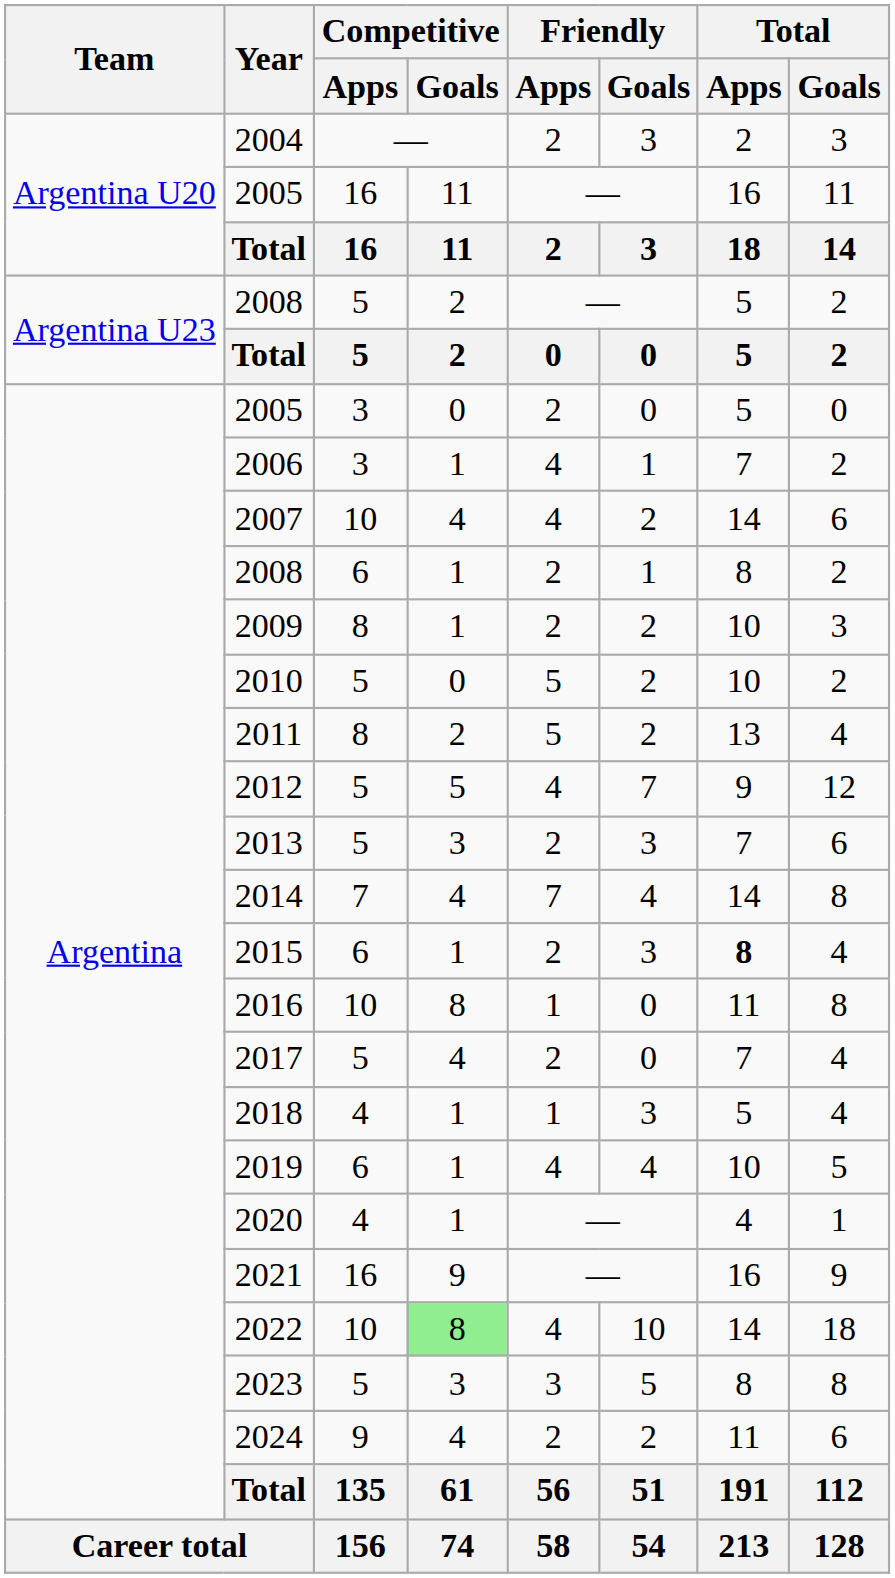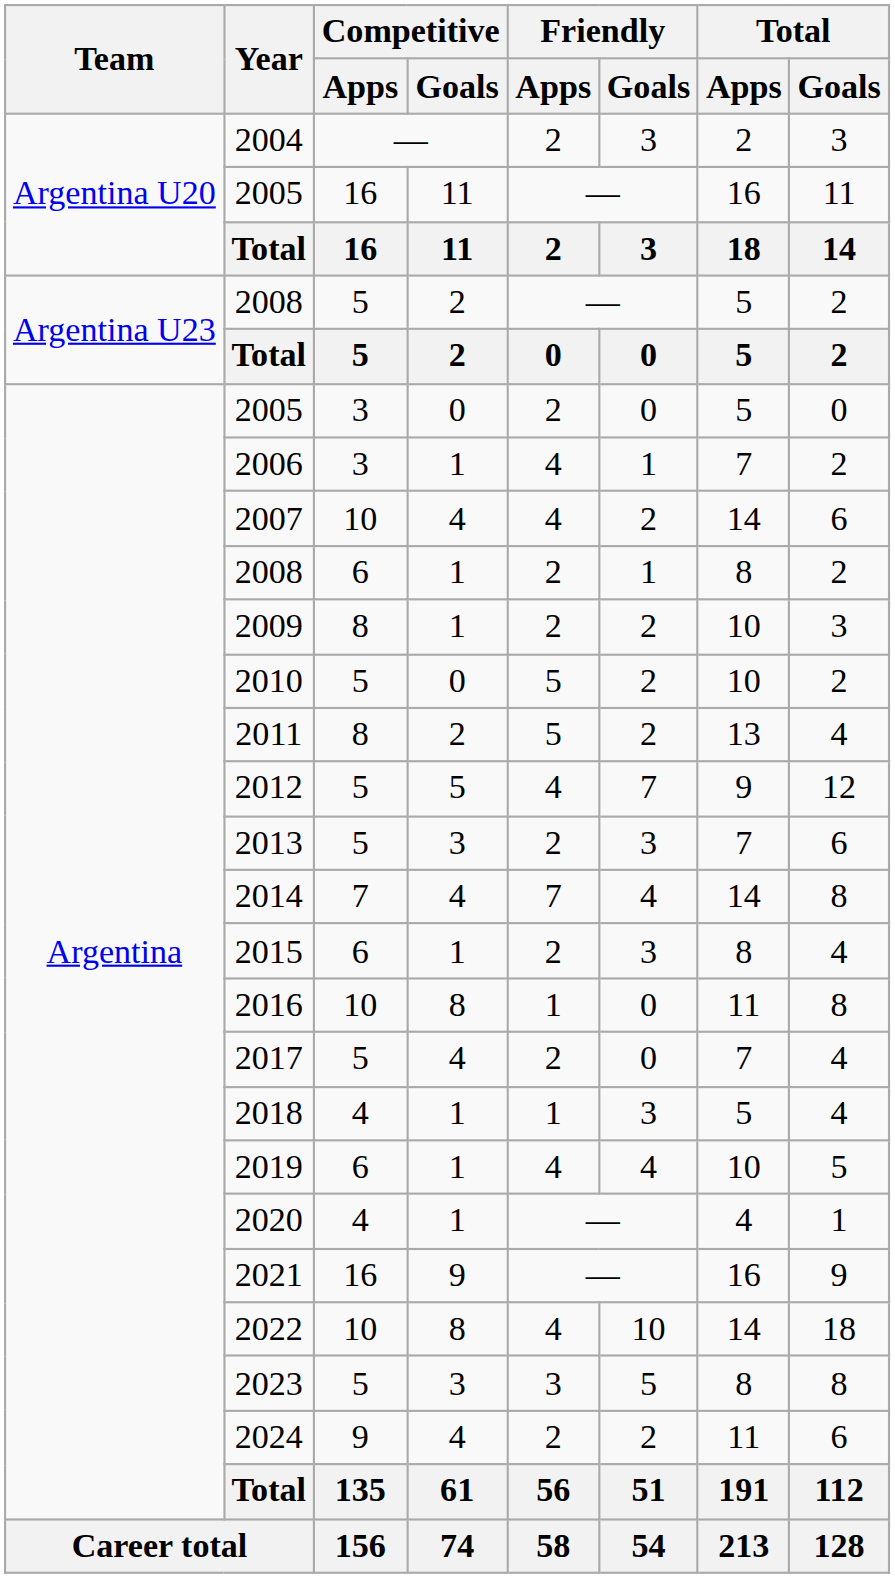 <table class="wikitable" style="text-align: center;">
 <tr>
 <th rowspan="2">Team</th>
 <th rowspan="2">Year</th>
 <th colspan="2">Competitive</th>
 <th colspan="2">Friendly</th>
 <th colspan="2">Total</th>
 </tr>
 <tr>
 <th>Apps</th>
 <th>Goals</th>
 <th>Apps</th>
 <th>Goals</th>
 <th>Apps</th>
 <th>Goals</th>
 </tr>
 <tr>
 <td rowspan=3><a href='#'>Argentina U20</a></td>
 <td>2004</td>
 <td colspan=2>—</td>
 <td>2</td>
 <td>3</td>
 <td>2</td>
 <td>3</td>
 </tr>
 <tr>
 <td>2005</td>
 <td>16</td>
 <td>11</td>
 <td colspan=2>—</td>
 <td>16</td>
 <td>11</td>
 </tr>
 <tr>
 <th>Total</th>
 <th>16</th>
 <th>11</th>
 <th>2</th>
 <th>3</th>
 <th>18</th>
 <th>14</th>
 </tr>
 <tr>
 <td rowspan=2><a href='#'>Argentina U23</a></td>
 <td>2008</td>
 <td>5</td>
 <td>2</td>
 <td colspan=2>—</td>
 <td>5</td>
 <td>2</td>
 </tr>
 <tr>
 <th>Total</th>
 <th>5</th>
 <th>2</th>
 <th>0</th>
 <th>0</th>
 <th>5</th>
 <th>2</th>
 </tr>
 <tr>
 <td rowspan=21><a href='#'>Argentina</a></td>
 <td scope=row>2005</td>
 <td>3</td>
 <td>0</td>
 <td>2</td>
 <td>0</td>
 <td>5</td>
 <td>0</td>
 </tr>
 <tr>
 <td scope=row>2006</td>
 <td>3</td>
 <td>1</td>
 <td>4</td>
 <td>1</td>
 <td>7</td>
 <td>2</td>
 </tr>
 <tr>
 <td scope=row>2007</td>
 <td>10</td>
 <td>4</td>
 <td>4</td>
 <td>2</td>
 <td>14</td>
 <td>6</td>
 </tr>
 <tr>
 <td scope=row>2008</td>
 <td>6</td>
 <td>1</td>
 <td>2</td>
 <td>1</td>
 <td>8</td>
 <td>2</td>
 </tr>
 <tr>
 <td scope=row>2009</td>
 <td>8</td>
 <td>1</td>
 <td>2</td>
 <td>2</td>
 <td>10</td>
 <td>3</td>
 </tr>
 <tr>
 <td scope=row>2010</td>
 <td>5</td>
 <td>0</td>
 <td>5</td>
 <td>2</td>
 <td>10</td>
 <td>2</td>
 </tr>
 <tr>
 <td scope=row>2011</td>
 <td>8</td>
 <td>2</td>
 <td>5</td>
 <td>2</td>
 <td>13</td>
 <td>4</td>
 </tr>
 <tr>
 <td scope=row>2012</td>
 <td>5</td>
 <td>5</td>
 <td>4</td>
 <td>7</td>
 <td>9</td>
 <td>12</td>
 </tr>
 <tr>
 <td scope=row>2013</td>
 <td>5</td>
 <td>3</td>
 <td>2</td>
 <td>3</td>
 <td>7</td>
 <td>6</td>
 </tr>
 <tr>
 <td scope=row>2014</td>
 <td>7</td>
 <td>4</td>
 <td>7</td>
 <td>4</td>
 <td>14</td>
 <td>8</td>
 </tr>
 <tr>
 <td scope=row>2015</td>
 <td>6</td>
 <td>1</td>
 <td>2</td>
 <td>3</td>
-<td><strong>8</strong></td>
+<td>8</td>
 <td>4</td>
 </tr>
 <tr>
 <td scope=row>2016</td>
 <td>10</td>
 <td>8</td>
 <td>1</td>
 <td>0</td>
 <td>11</td>
 <td>8</td>
 </tr>
 <tr>
 <td scope=row>2017</td>
 <td>5</td>
 <td>4</td>
 <td>2</td>
 <td>0</td>
 <td>7</td>
 <td>4</td>
 </tr>
 <tr>
 <td scope=row>2018</td>
 <td>4</td>
 <td>1</td>
 <td>1</td>
 <td>3</td>
 <td>5</td>
 <td>4</td>
 </tr>
 <tr>
 <td scope=row>2019</td>
 <td>6</td>
 <td>1</td>
 <td>4</td>
 <td>4</td>
 <td>10</td>
 <td>5</td>
 </tr>
 <tr>
 <td scope=row>2020</td>
 <td>4</td>
 <td>1</td>
 <td colspan=2>—</td>
 <td>4</td>
 <td>1</td>
 </tr>
 <tr>
 <td scope=row>2021</td>
 <td>16</td>
 <td>9</td>
 <td colspan=2>—</td>
 <td>16</td>
 <td>9</td>
 </tr>
 <tr>
 <td scope=row>2022</td>
 <td>10</td>
-<td style="background: lightgreen;">8</td>
+<td>8</td>
 <td>4</td>
 <td>10</td>
 <td>14</td>
 <td>18</td>
 </tr>
 <tr>
 <td scope=row>2023</td>
 <td>5</td>
 <td>3</td>
 <td>3</td>
 <td>5</td>
 <td>8</td>
 <td>8</td>
 </tr>
 <tr>
 <td scope=row>2024</td>
 <td>9</td>
 <td>4</td>
 <td>2</td>
 <td>2</td>
 <td>11</td>
 <td>6</td>
 </tr>
 <tr>
 <th scope=row>Total</th>
 <th>135</th>
 <th>61</th>
 <th>56</th>
 <th>51</th>
 <th>191</th>
 <th>112</th>
 </tr>
 <tr>
 <th colspan=2>Career total</th>
 <th>156</th>
 <th>74</th>
 <th>58</th>
 <th>54</th>
 <th>213</th>
 <th>128</th>
 </tr>
 </table>
